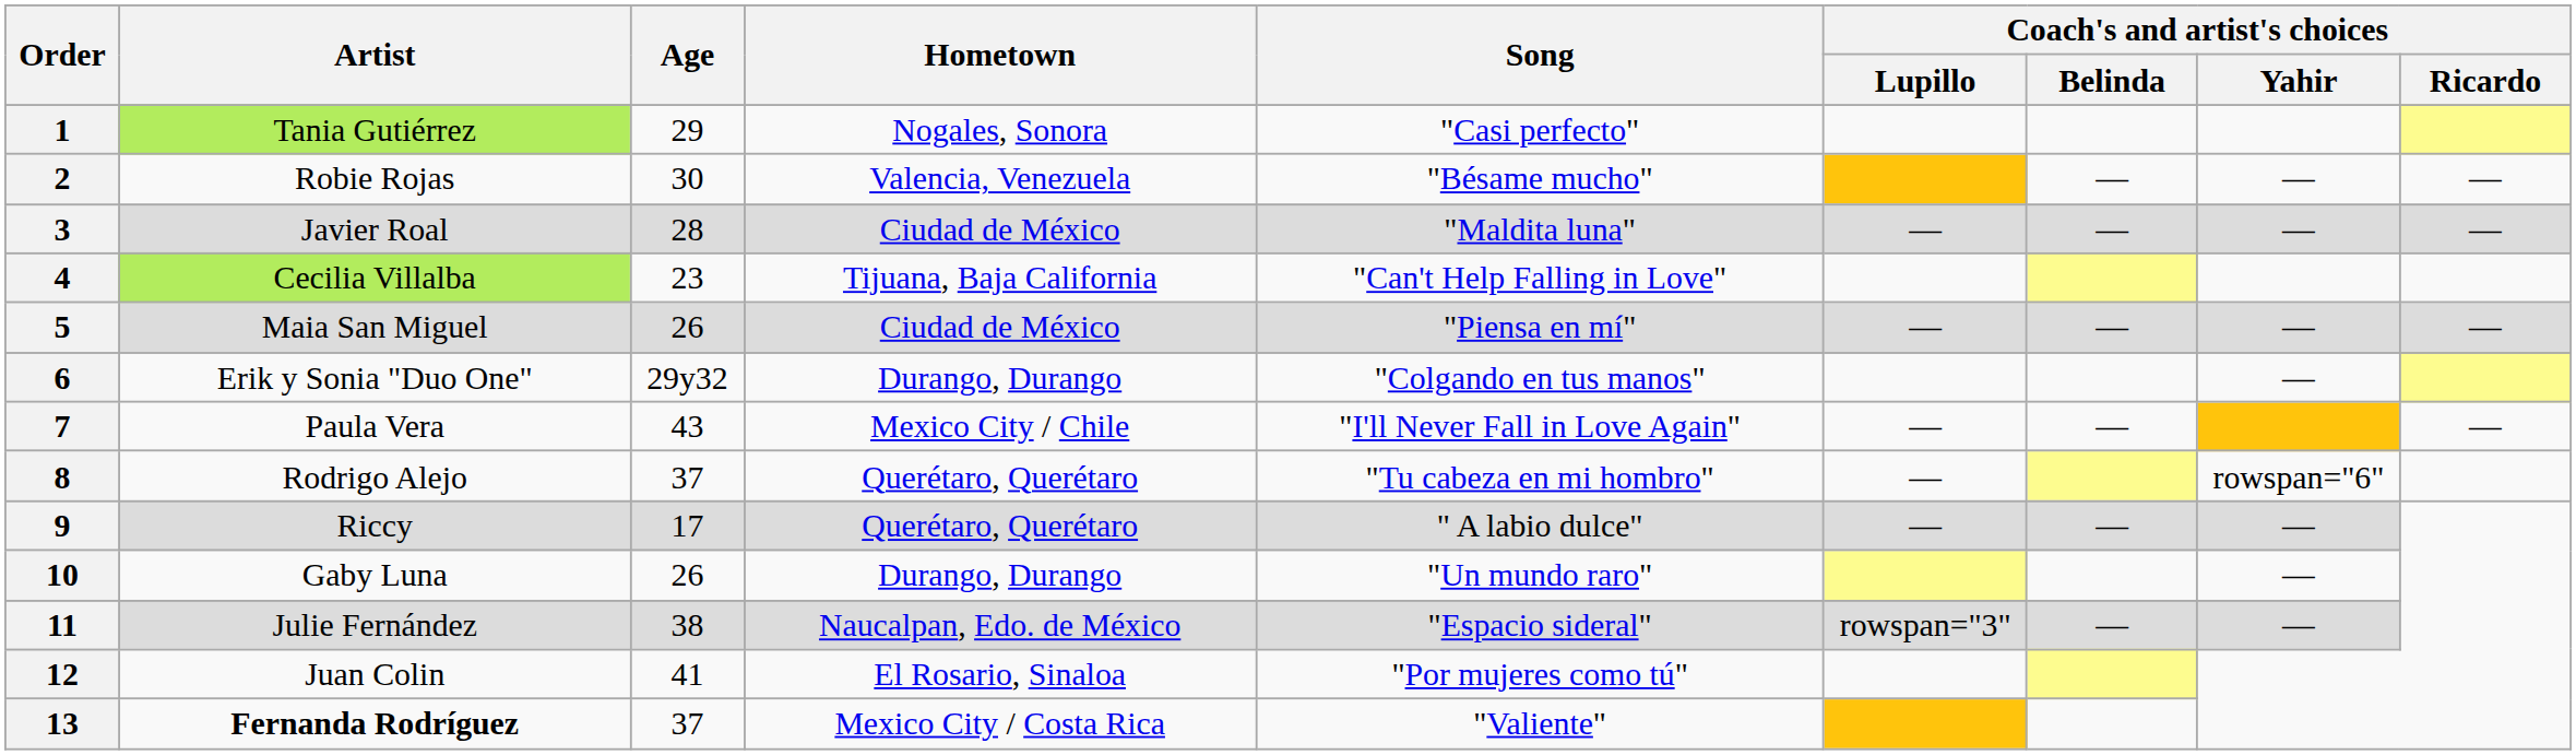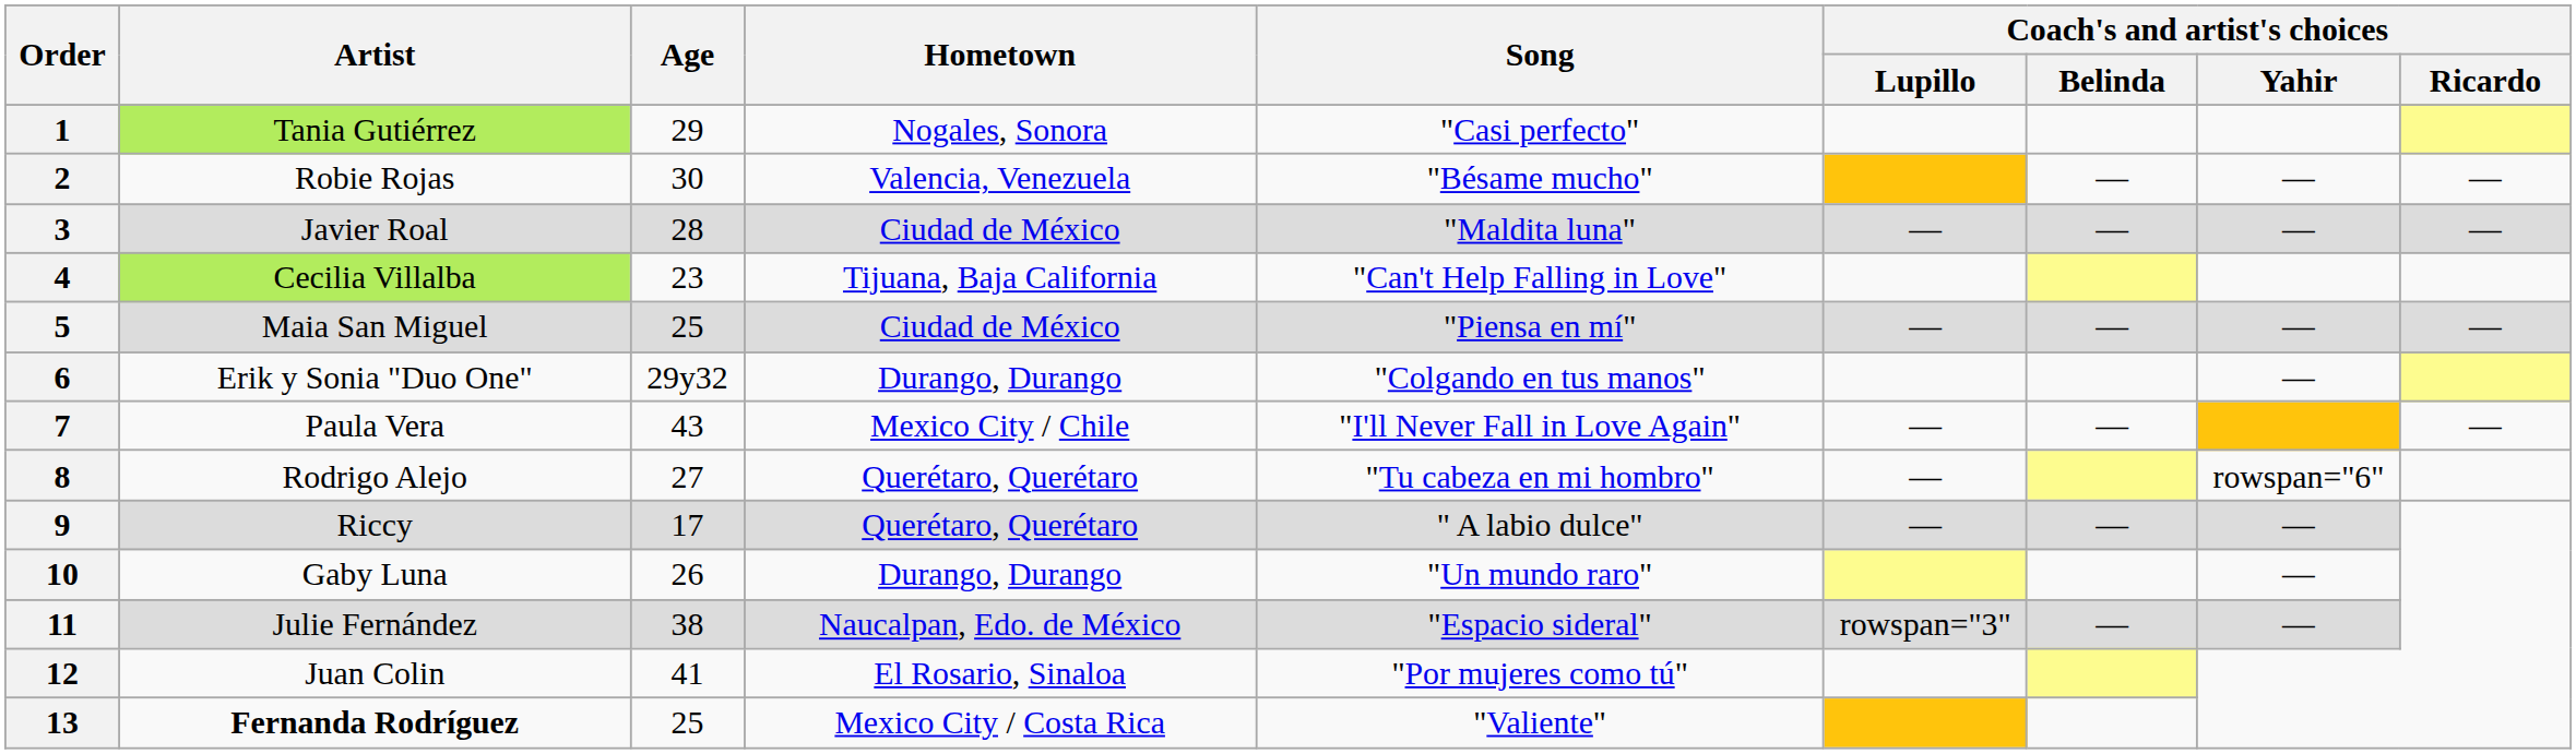 <table class="wikitable" style="text-align:center; line-height:17px; width:100%;">
 <tr>
 <th scope="col" rowspan="2" style="width:04%;">Order</th>
 <th scope="col" rowspan="2" style="width:18%;">Artist</th>
 <th scope="col" rowspan="2" style="width:04%;">Age</th>
 <th scope="col" rowspan="2" style="width:18%;">Hometown</th>
 <th scope="col" rowspan="2" style="width:20%;">Song</th>
 <th scope="col" colspan="4" style="width:24%;">Coach's and artist's choices</th>
 </tr>
 <tr>
 <th style="width:06%;">Lupillo</th>
 <th style="width:06%;">Belinda</th>
 <th style="width:06%;">Yahir</th>
 <th style="width:06%;">Ricardo</th>
 </tr>
 <tr>
 <th>1</th>
 <td style="background:#B2EC5D;">Tania Gutiérrez</td>
 <td>29</td>
 <td><a href='#'>Nogales</a>, <a href='#'>Sonora</a></td>
 <td>"<a href='#'>Casi perfecto</a>"</td>
 <td><strong></strong></td>
 <td><strong></strong></td>
 <td><strong></strong></td>
 <td style="background:#fdfc8f;"><strong></strong></td>
 </tr>
 <tr>
 <th>2</th>
 <td>Robie Rojas</td>
 <td>30</td>
 <td><a href='#'>Valencia, Venezuela</a></td>
 <td>"<a href='#'>Bésame mucho</a>"</td>
 <td style="background:#ffc40c;"><strong></strong></td>
 <td>—</td>
 <td>—</td>
 <td>—</td>
 </tr>
 <tr style="background:#DCDCDC;">
 <th>3</th>
 <td>Javier Roal</td>
 <td>28</td>
 <td><a href='#'>Ciudad de México</a></td>
 <td>"<a href='#'>Maldita luna</a>"</td>
 <td>—</td>
 <td>—</td>
 <td>—</td>
 <td>—</td>
 </tr>
 <tr>
 <th>4</th>
 <td style="background:#B2EC5D;">Cecilia Villalba</td>
 <td>23</td>
 <td><a href='#'>Tijuana</a>, <a href='#'>Baja California</a></td>
 <td>"<a href='#'>Can't Help Falling in Love</a>"</td>
 <td><strong></strong></td>
 <td style="background:#fdfc8f;"><strong></strong></td>
 <td><strong></strong></td>
 <td><strong></strong></td>
 </tr>
 <tr style="background:#DCDCDC;">
 <th>5</th>
 <td>Maia San Miguel</td>
-<td>26</td>
+<td>25</td>
 <td><a href='#'>Ciudad de México</a></td>
 <td>"<a href='#'>Piensa en mí</a>"</td>
 <td>—</td>
 <td>—</td>
 <td>—</td>
 <td>—</td>
 </tr>
 <tr>
 <th>6</th>
 <td>Erik y Sonia "Duo One"</td>
 <td>29y32</td>
 <td><a href='#'>Durango</a>, <a href='#'>Durango</a></td>
 <td>"<a href='#'>Colgando en tus manos</a>"</td>
 <td><strong></strong></td>
 <td><strong></strong></td>
 <td>—</td>
 <td style="background:#fdfc8f;"><strong></strong></td>
 </tr>
 <tr>
 <th>7</th>
 <td>Paula Vera</td>
 <td>43</td>
 <td><a href='#'>Mexico City</a> / <a href='#'>Chile</a></td>
 <td>"<a href='#'>I'll Never Fall in Love Again</a>"</td>
 <td>—</td>
 <td>—</td>
 <td style="background:#ffc40c;"><strong></strong></td>
 <td>—</td>
 </tr>
 <tr>
 <th>8</th>
 <td>Rodrigo Alejo</td>
-<td>37</td>
+<td>27</td>
 <td><a href='#'>Querétaro</a>, <a href='#'>Querétaro</a></td>
 <td>"<a href='#'>Tu cabeza en mi hombro</a>"</td>
 <td>—</td>
 <td style="background:#fdfc8f;"><strong></strong></td>
 <td>rowspan="6" </td>
 <td><strong></strong></td>
 </tr>
 <tr style="background:#DCDCDC;">
 <th>9</th>
 <td>Riccy</td>
 <td>17</td>
 <td><a href='#'>Querétaro</a>, <a href='#'>Querétaro</a></td>
 <td>" A labio dulce"</td>
 <td>—</td>
 <td>—</td>
 <td>—</td>
 </tr>
 <tr>
 <th>10</th>
 <td>Gaby Luna</td>
 <td>26</td>
 <td><a href='#'>Durango</a>, <a href='#'>Durango</a></td>
 <td>"<a href='#'>Un mundo raro</a>"</td>
 <td style="background:#fdfc8f;"><strong></strong></td>
 <td><strong></strong></td>
 <td>—</td>
 </tr>
 <tr style="background:#DCDCDC;">
 <th>11</th>
 <td>Julie Fernández</td>
 <td>38</td>
 <td><a href='#'>Naucalpan</a>, <a href='#'>Edo. de México</a></td>
 <td>"<a href='#'>Espacio sideral</a>"</td>
 <td>rowspan="3" </td>
 <td>—</td>
 <td>—</td>
 </tr>
 <tr>
 <th>12</th>
 <td>Juan Colin</td>
 <td>41</td>
 <td><a href='#'>El Rosario</a>, <a href='#'>Sinaloa</a></td>
 <td>"<a href='#'>Por mujeres como tú</a>"</td>
 <td><strong></strong></td>
 <td style="background:#fdfc8f;"><strong></strong></td>
 </tr>
 <tr>
 <th>13</th>
 <td><strong>Fernanda Rodríguez</strong></td>
-<td>37</td>
+<td>25</td>
 <td><a href='#'>Mexico City</a> / <a href='#'>Costa Rica</a></td>
 <td>"<a href='#'>Valiente</a>"</td>
 <td style="background:#ffc40c;"><strong></strong></td>
 <td></td>
 </tr>
 </table>
